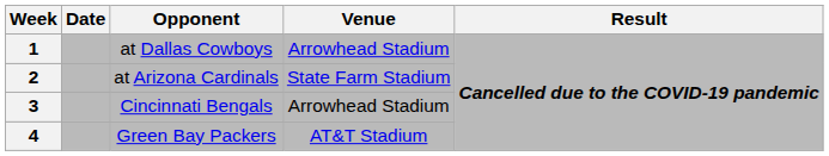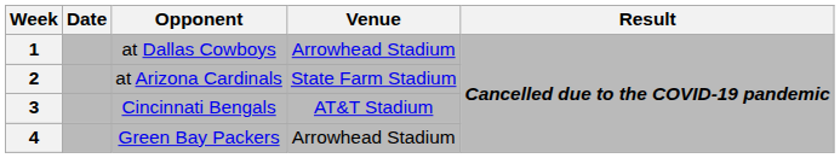 <table class="wikitable" style="text-align:center">
 <tr>
 <th>Week</th>
 <th>Date</th>
 <th>Opponent</th>
 <th>Venue</th>
 <th>Result</th>
 </tr>
 <tr style="background:#bababa">
 <th>1</th>
 <td></td>
 <td>at <a href='#'>Dallas Cowboys</a></td>
 <td><a href='#'>Arrowhead Stadium</a></td>
 <td rowspan=4><strong><em>Cancelled due to the COVID-19 pandemic</em></strong></td>
 </tr>
 <tr style="background:#bababa">
 <th>2</th>
 <td></td>
 <td>at <a href='#'>Arizona Cardinals</a></td>
 <td><a href='#'>State Farm Stadium</a></td>
 </tr>
 <tr style="background:#bababa">
 <th>3</th>
 <td></td>
 <td><a href='#'>Cincinnati Bengals</a></td>
-<td>Arrowhead Stadium</td>
+<td><a href='#'>AT&T Stadium</a></td>
 </tr>
 <tr style="background:#bababa">
 <th>4</th>
 <td></td>
 <td><a href='#'>Green Bay Packers</a></td>
-<td><a href='#'>AT&T Stadium</a></td>
+<td>Arrowhead Stadium</td>
 </tr>
 </table>
